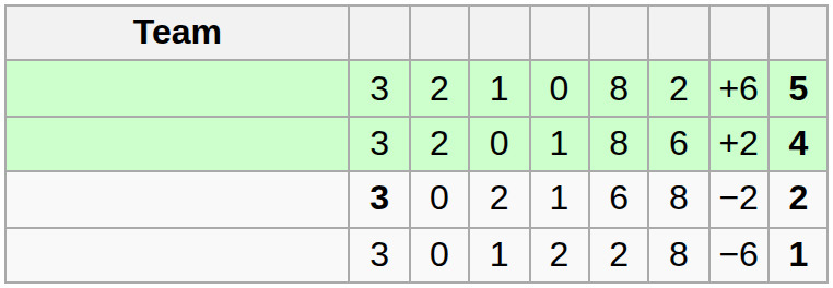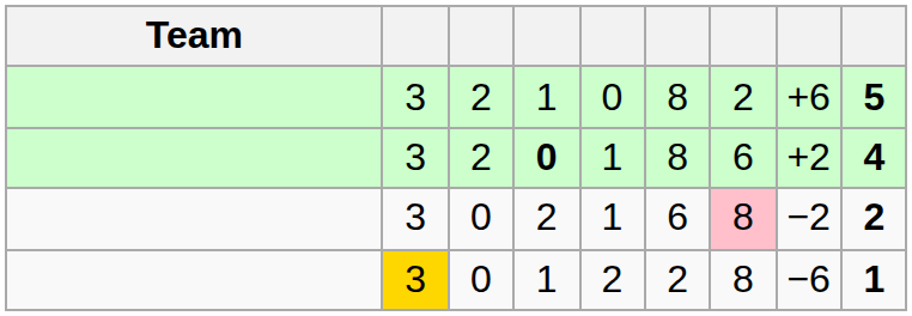 <table class="wikitable" style="text-align:center;">
 <tr>
 <th width=150>Team</th>
 <th width=20></th>
 <th width=20></th>
 <th width=20></th>
 <th width=20></th>
 <th width=20></th>
 <th width=20></th>
 <th width=20></th>
 <th width=20></th>
 </tr>
 <tr bgcolor=#ccffcc>
 <td align=left></td>
 <td>3</td>
 <td>2</td>
 <td>1</td>
 <td>0</td>
 <td>8</td>
 <td>2</td>
 <td>+6</td>
 <td><strong>5</strong></td>
 </tr>
 <tr bgcolor=#ccffcc>
 <td align=left></td>
 <td>3</td>
 <td>2</td>
-<td>0</td>
+<td><strong>0</strong></td>
 <td>1</td>
 <td>8</td>
 <td>6</td>
 <td>+2</td>
 <td><strong>4</strong></td>
 </tr>
 <tr>
 <td align=left></td>
-<td><strong>3</strong></td>
+<td>3</td>
 <td>0</td>
 <td>2</td>
 <td>1</td>
 <td>6</td>
-<td>8</td>
+<td style="background: pink;">8</td>
 <td>−2</td>
 <td><strong>2</strong></td>
 </tr>
 <tr>
 <td align=left></td>
-<td>3</td>
+<td style="background: gold;">3</td>
 <td>0</td>
 <td>1</td>
 <td>2</td>
 <td>2</td>
 <td>8</td>
 <td>−6</td>
 <td><strong>1</strong></td>
 </tr>
 </table>
